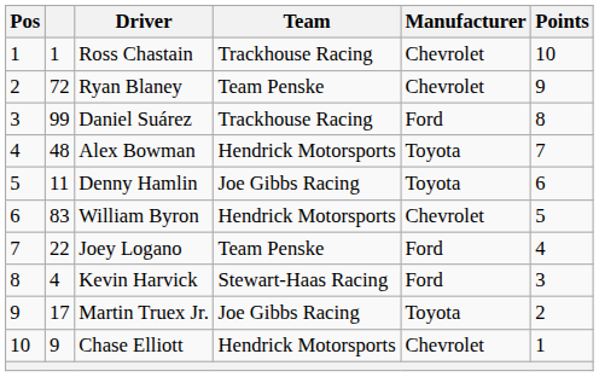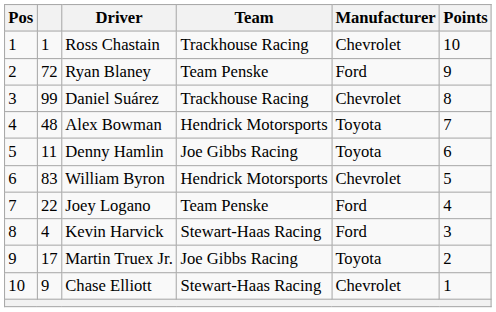 <table class="wikitable" style="font-size:98%">
 <tr>
 <th>Pos</th>
 <th></th>
 <th>Driver</th>
 <th>Team</th>
 <th>Manufacturer</th>
 <th>Points</th>
 </tr>
 <tr>
 <td>1</td>
 <td>1</td>
 <td>Ross Chastain</td>
 <td>Trackhouse Racing</td>
 <td>Chevrolet</td>
 <td>10</td>
 </tr>
 <tr>
 <td>2</td>
 <td>72</td>
 <td>Ryan Blaney</td>
 <td>Team Penske</td>
-<td>Chevrolet</td>
+<td>Ford</td>
 <td>9</td>
 </tr>
 <tr>
 <td>3</td>
 <td>99</td>
 <td>Daniel Suárez</td>
 <td>Trackhouse Racing</td>
-<td>Ford</td>
+<td>Chevrolet</td>
 <td>8</td>
 </tr>
 <tr>
 <td>4</td>
 <td>48</td>
 <td>Alex Bowman</td>
 <td>Hendrick Motorsports</td>
 <td>Toyota</td>
 <td>7</td>
 </tr>
 <tr>
 <td>5</td>
 <td>11</td>
 <td>Denny Hamlin</td>
 <td>Joe Gibbs Racing</td>
 <td>Toyota</td>
 <td>6</td>
 </tr>
 <tr>
 <td>6</td>
 <td>83</td>
 <td>William Byron</td>
 <td>Hendrick Motorsports</td>
 <td>Chevrolet</td>
 <td>5</td>
 </tr>
 <tr>
 <td>7</td>
 <td>22</td>
 <td>Joey Logano</td>
 <td>Team Penske</td>
 <td>Ford</td>
 <td>4</td>
 </tr>
 <tr>
 <td>8</td>
 <td>4</td>
 <td>Kevin Harvick</td>
 <td>Stewart-Haas Racing</td>
 <td>Ford</td>
 <td>3</td>
 </tr>
 <tr>
 <td>9</td>
 <td>17</td>
 <td>Martin Truex Jr.</td>
 <td>Joe Gibbs Racing</td>
 <td>Toyota</td>
 <td>2</td>
 </tr>
 <tr>
 <td>10</td>
 <td>9</td>
 <td>Chase Elliott</td>
-<td>Hendrick Motorsports</td>
+<td>Stewart-Haas Racing</td>
 <td>Chevrolet</td>
 <td>1</td>
 </tr>
 <tr>
 <th colspan="6"></th>
 </tr>
 </table>
